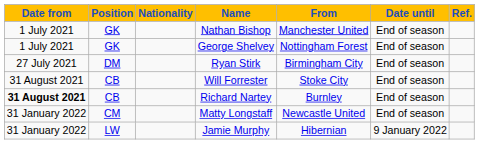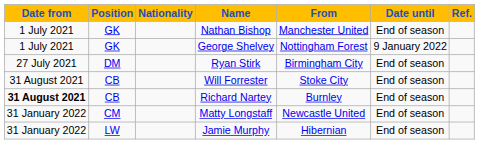 <table class="wikitable"  style="text-align:center; font-size:90%; ">
 <tr>
 <th style="background:#ffbf00;color:#1C4EBD ">Date from</th>
 <th style="background:#ffbf00;color:#1C4EBD ">Position</th>
 <th style="background:#ffbf00;color:#1C4EBD ">Nationality</th>
 <th style="background:#ffbf00;color:#1C4EBD ">Name</th>
 <th style="background:#ffbf00;color:#1C4EBD ">From</th>
 <th style="background:#ffbf00;color:#1C4EBD ">Date until</th>
 <th style="background:#ffbf00;color:#1C4EBD ">Ref.</th>
 </tr>
 <tr>
 <td>1 July 2021</td>
 <td><a href='#'>GK</a></td>
 <td></td>
 <td><a href='#'>Nathan Bishop</a></td>
 <td> <a href='#'>Manchester United</a></td>
 <td>End of season</td>
 <td></td>
 </tr>
 <tr>
 <td>1 July 2021</td>
 <td><a href='#'>GK</a></td>
 <td></td>
 <td><a href='#'>George Shelvey</a></td>
 <td> <a href='#'>Nottingham Forest</a></td>
-<td>End of season</td>
+<td>9 January 2022</td>
 <td></td>
 </tr>
 <tr>
 <td>27 July 2021</td>
 <td><a href='#'>DM</a></td>
 <td></td>
 <td><a href='#'>Ryan Stirk</a></td>
 <td> <a href='#'>Birmingham City</a></td>
 <td>End of season</td>
 <td></td>
 </tr>
 <tr>
 <td>31 August 2021</td>
 <td><a href='#'>CB</a></td>
 <td></td>
 <td><a href='#'>Will Forrester</a></td>
 <td> <a href='#'>Stoke City</a></td>
 <td>End of season</td>
 <td></td>
 </tr>
 <tr>
 <td><strong>31 August 2021</strong></td>
 <td><a href='#'>CB</a></td>
 <td></td>
 <td><a href='#'>Richard Nartey</a></td>
 <td> <a href='#'>Burnley</a></td>
 <td>End of season</td>
 <td></td>
 </tr>
 <tr>
 <td>31 January 2022</td>
 <td><a href='#'>CM</a></td>
 <td></td>
 <td><a href='#'>Matty Longstaff</a></td>
 <td> <a href='#'>Newcastle United</a></td>
 <td>End of season</td>
 <td></td>
 </tr>
 <tr>
 <td>31 January 2022</td>
 <td><a href='#'>LW</a></td>
 <td></td>
 <td><a href='#'>Jamie Murphy</a></td>
 <td> <a href='#'>Hibernian</a></td>
-<td>9 January 2022</td>
+<td>End of season</td>
 <td></td>
 </tr>
 </table>
